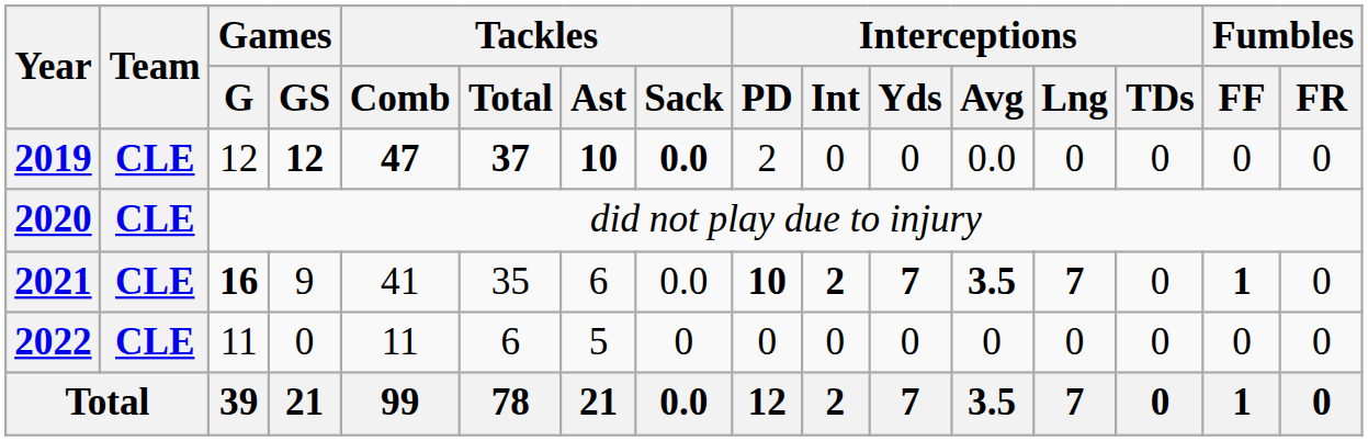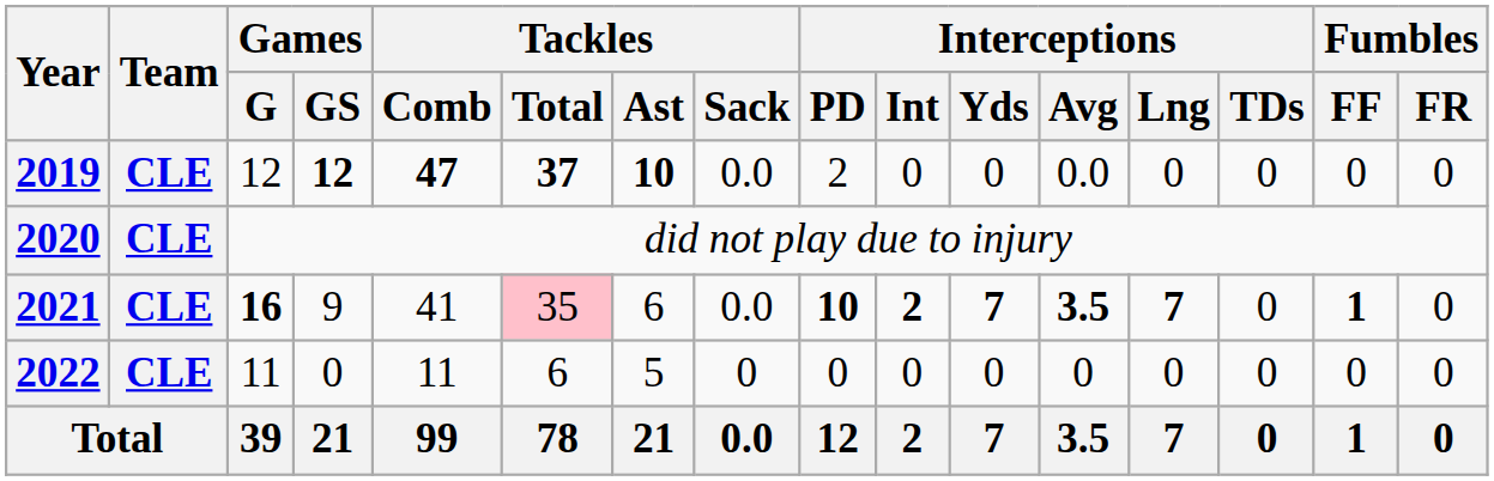 <table class="wikitable" style="text-align: center;">
 <tr>
 <th rowspan="2">Year</th>
 <th rowspan="2">Team</th>
 <th colspan="2">Games</th>
 <th colspan="4">Tackles</th>
 <th colspan="6">Interceptions</th>
 <th colspan="2">Fumbles</th>
 </tr>
 <tr>
 <th>G</th>
 <th>GS</th>
 <th>Comb</th>
 <th>Total</th>
 <th>Ast</th>
 <th>Sack</th>
 <th>PD</th>
 <th>Int</th>
 <th>Yds</th>
 <th>Avg</th>
 <th>Lng</th>
 <th>TDs</th>
 <th>FF</th>
 <th>FR</th>
 </tr>
 <tr>
 <th><a href='#'>2019</a></th>
 <th><a href='#'>CLE</a></th>
 <td>12</td>
 <td><strong>12</strong></td>
 <td><strong>47</strong></td>
 <td><strong>37</strong></td>
 <td><strong>10</strong></td>
-<td><strong>0.0</strong></td>
+<td>0.0</td>
 <td>2</td>
 <td>0</td>
 <td>0</td>
 <td>0.0</td>
 <td>0</td>
 <td>0</td>
 <td>0</td>
 <td>0</td>
 </tr>
 <tr>
 <th><a href='#'>2020</a></th>
 <th><a href='#'>CLE</a></th>
 <td colspan="15" align="center"><em>did not play due to injury</em></td>
 </tr>
 <tr>
 <th><a href='#'>2021</a></th>
 <th><a href='#'>CLE</a></th>
 <td><strong>16</strong></td>
 <td>9</td>
 <td>41</td>
-<td>35</td>
+<td style="background: pink;">35</td>
 <td>6</td>
 <td>0.0</td>
 <td><strong>10</strong></td>
 <td><strong>2</strong></td>
 <td><strong>7</strong></td>
 <td><strong>3.5</strong></td>
 <td><strong>7</strong></td>
 <td>0</td>
 <td><strong>1</strong></td>
 <td>0</td>
 </tr>
 <tr>
 <th><a href='#'>2022</a></th>
 <th><a href='#'>CLE</a></th>
 <td>11</td>
 <td>0</td>
 <td>11</td>
 <td>6</td>
 <td>5</td>
 <td>0</td>
 <td>0</td>
 <td>0</td>
 <td>0</td>
 <td>0</td>
 <td>0</td>
 <td>0</td>
 <td>0</td>
 <td>0</td>
 </tr>
 <tr>
 <th colspan="2">Total</th>
 <th>39</th>
 <th>21</th>
 <th>99</th>
 <th>78</th>
 <th>21</th>
 <th>0.0</th>
 <th>12</th>
 <th>2</th>
 <th>7</th>
 <th>3.5</th>
 <th>7</th>
 <th>0</th>
 <th>1</th>
 <th>0</th>
 </tr>
 </table>
